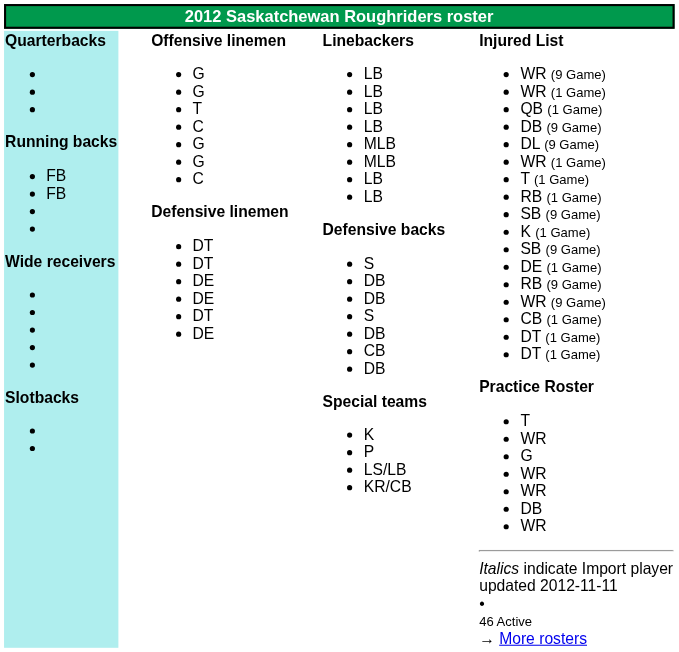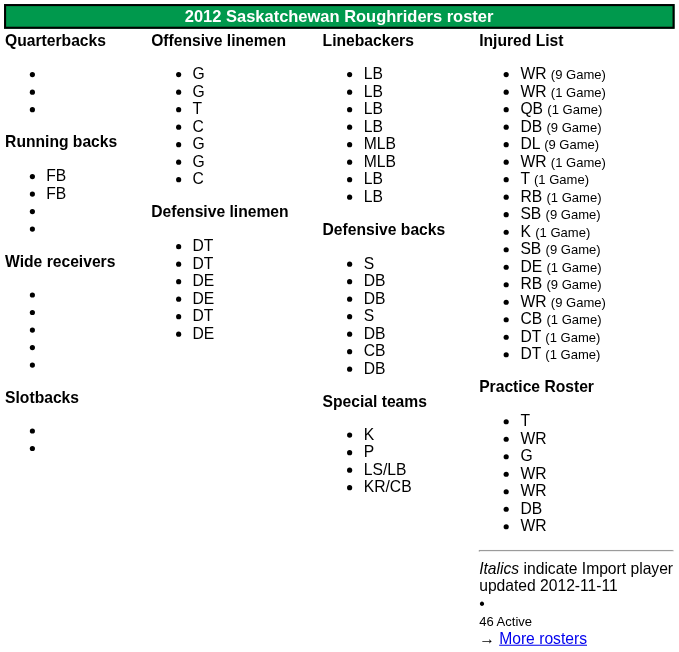 <table class="toccolours" style="text-align: left;">
 <tr>
 <th colspan="7" style="background-color: #00994D; border:2px solid black; color:white; text-align: center">2012 Saskatchewan Roughriders roster<br></th>
 </tr>
 <tr>
-<td style="background: paleturquoise; font-size: 95%;" valign="top"><strong>Quarterbacks</strong><br><ul><li></li><li></li><li></li></ul><strong>Running backs</strong><ul><li> FB</li><li> FB</li><li></li><li></li></ul><strong>Wide receivers</strong><ul><li></li><li></li><li></li><li></li><li></li></ul><strong>Slotbacks</strong><ul><li></li><li></li></ul></td>
+<td style="font-size: 95%;" valign="top"><strong>Quarterbacks</strong><br><ul><li></li><li></li><li></li></ul><strong>Running backs</strong><ul><li> FB</li><li> FB</li><li></li><li></li></ul><strong>Wide receivers</strong><ul><li></li><li></li><li></li><li></li><li></li></ul><strong>Slotbacks</strong><ul><li></li><li></li></ul></td>
 <td style="width: 25px;"></td>
 <td style="font-size: 95%;" valign="top"><strong>Offensive linemen</strong><br><ul><li> G</li><li> G</li><li> T</li><li> C</li><li> G</li><li> G</li><li> C</li></ul><strong>Defensive linemen</strong><ul><li> DT</li><li> DT</li><li> DE</li><li> DE</li><li> DT</li><li> DE</li></ul></td>
 <td style="width: 25px;"></td>
 <td style="font-size: 95%;" valign="top"><strong>Linebackers</strong><br><ul><li> LB</li><li> LB</li><li> LB</li><li> LB</li><li> MLB</li><li> MLB</li><li> LB</li><li> LB</li></ul><strong>Defensive backs</strong><ul><li> S</li><li> DB</li><li> DB</li><li> S</li><li> DB</li><li> CB</li><li> DB</li></ul><strong>Special teams</strong><ul><li> K</li><li> P</li><li> LS/LB</li><li> KR/CB</li></ul></td>
 <td style="width: 25px;"></td>
 <td style="font-size: 95%;" valign="top"><strong>Injured List</strong><br><ul><li> WR  <small>(9 Game)</small></li><li> WR  <small>(1 Game)</small></li><li> QB  <small>(1 Game)</small></li><li> DB  <small>(9 Game)</small></li><li> DL  <small>(9 Game)</small></li><li> WR  <small>(1 Game)</small></li><li> T  <small>(1 Game)</small></li><li> RB  <small>(1 Game)</small></li><li> SB  <small>(9 Game)</small></li><li> K  <small>(1 Game)</small></li><li> SB  <small>(9 Game)</small></li><li> DE  <small>(1 Game)</small></li><li> RB  <small>(9 Game)</small></li><li> WR  <small>(9 Game)</small></li><li> CB  <small>(1 Game)</small></li><li> DT  <small>(1 Game)</small></li><li> DT  <small>(1 Game)</small></li></ul><strong>Practice Roster</strong><ul><li> T</li><li> WR</li><li> G</li><li> WR</li><li> WR</li><li> DB</li><li> WR</li></ul><hr> <em>Italics</em> indicate Import player<br> <span></span> updated 2012-11-11<br> <span></span> • <span></span><br> <small>46 Active</small><br>→ <a href='#'>More rosters</a></td>
 </tr>
 <tr>
 </tr>
 </table>
